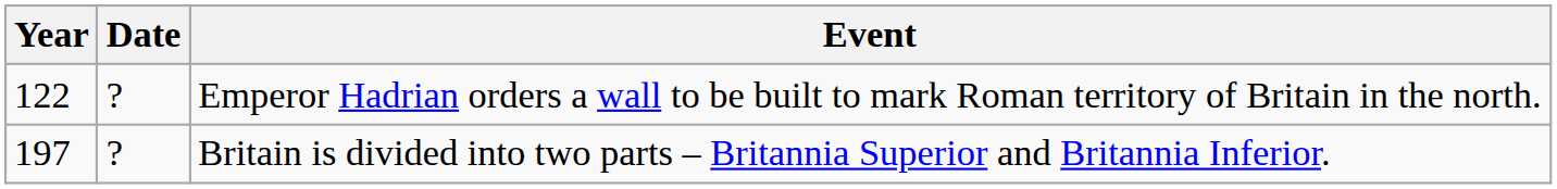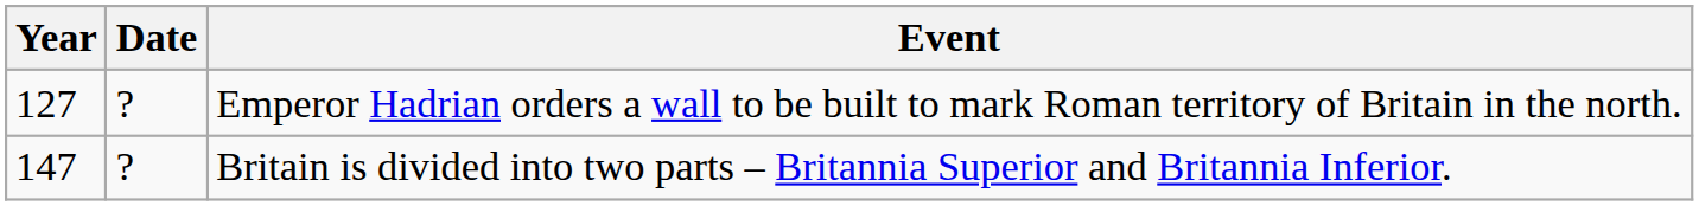 <table class="wikitable">
 <tr>
 <th>Year</th>
 <th>Date</th>
 <th>Event</th>
 </tr>
 <tr>
-<td>122</td>
+<td>127</td>
 <td>?</td>
 <td>Emperor <a href='#'>Hadrian</a> orders a <a href='#'>wall</a> to be built to mark Roman territory of Britain in the north.</td>
 </tr>
 <tr>
-<td>197</td>
+<td>147</td>
 <td>?</td>
 <td>Britain is divided into two parts – <a href='#'>Britannia Superior</a> and <a href='#'>Britannia Inferior</a>.</td>
 </tr>
 </table>
